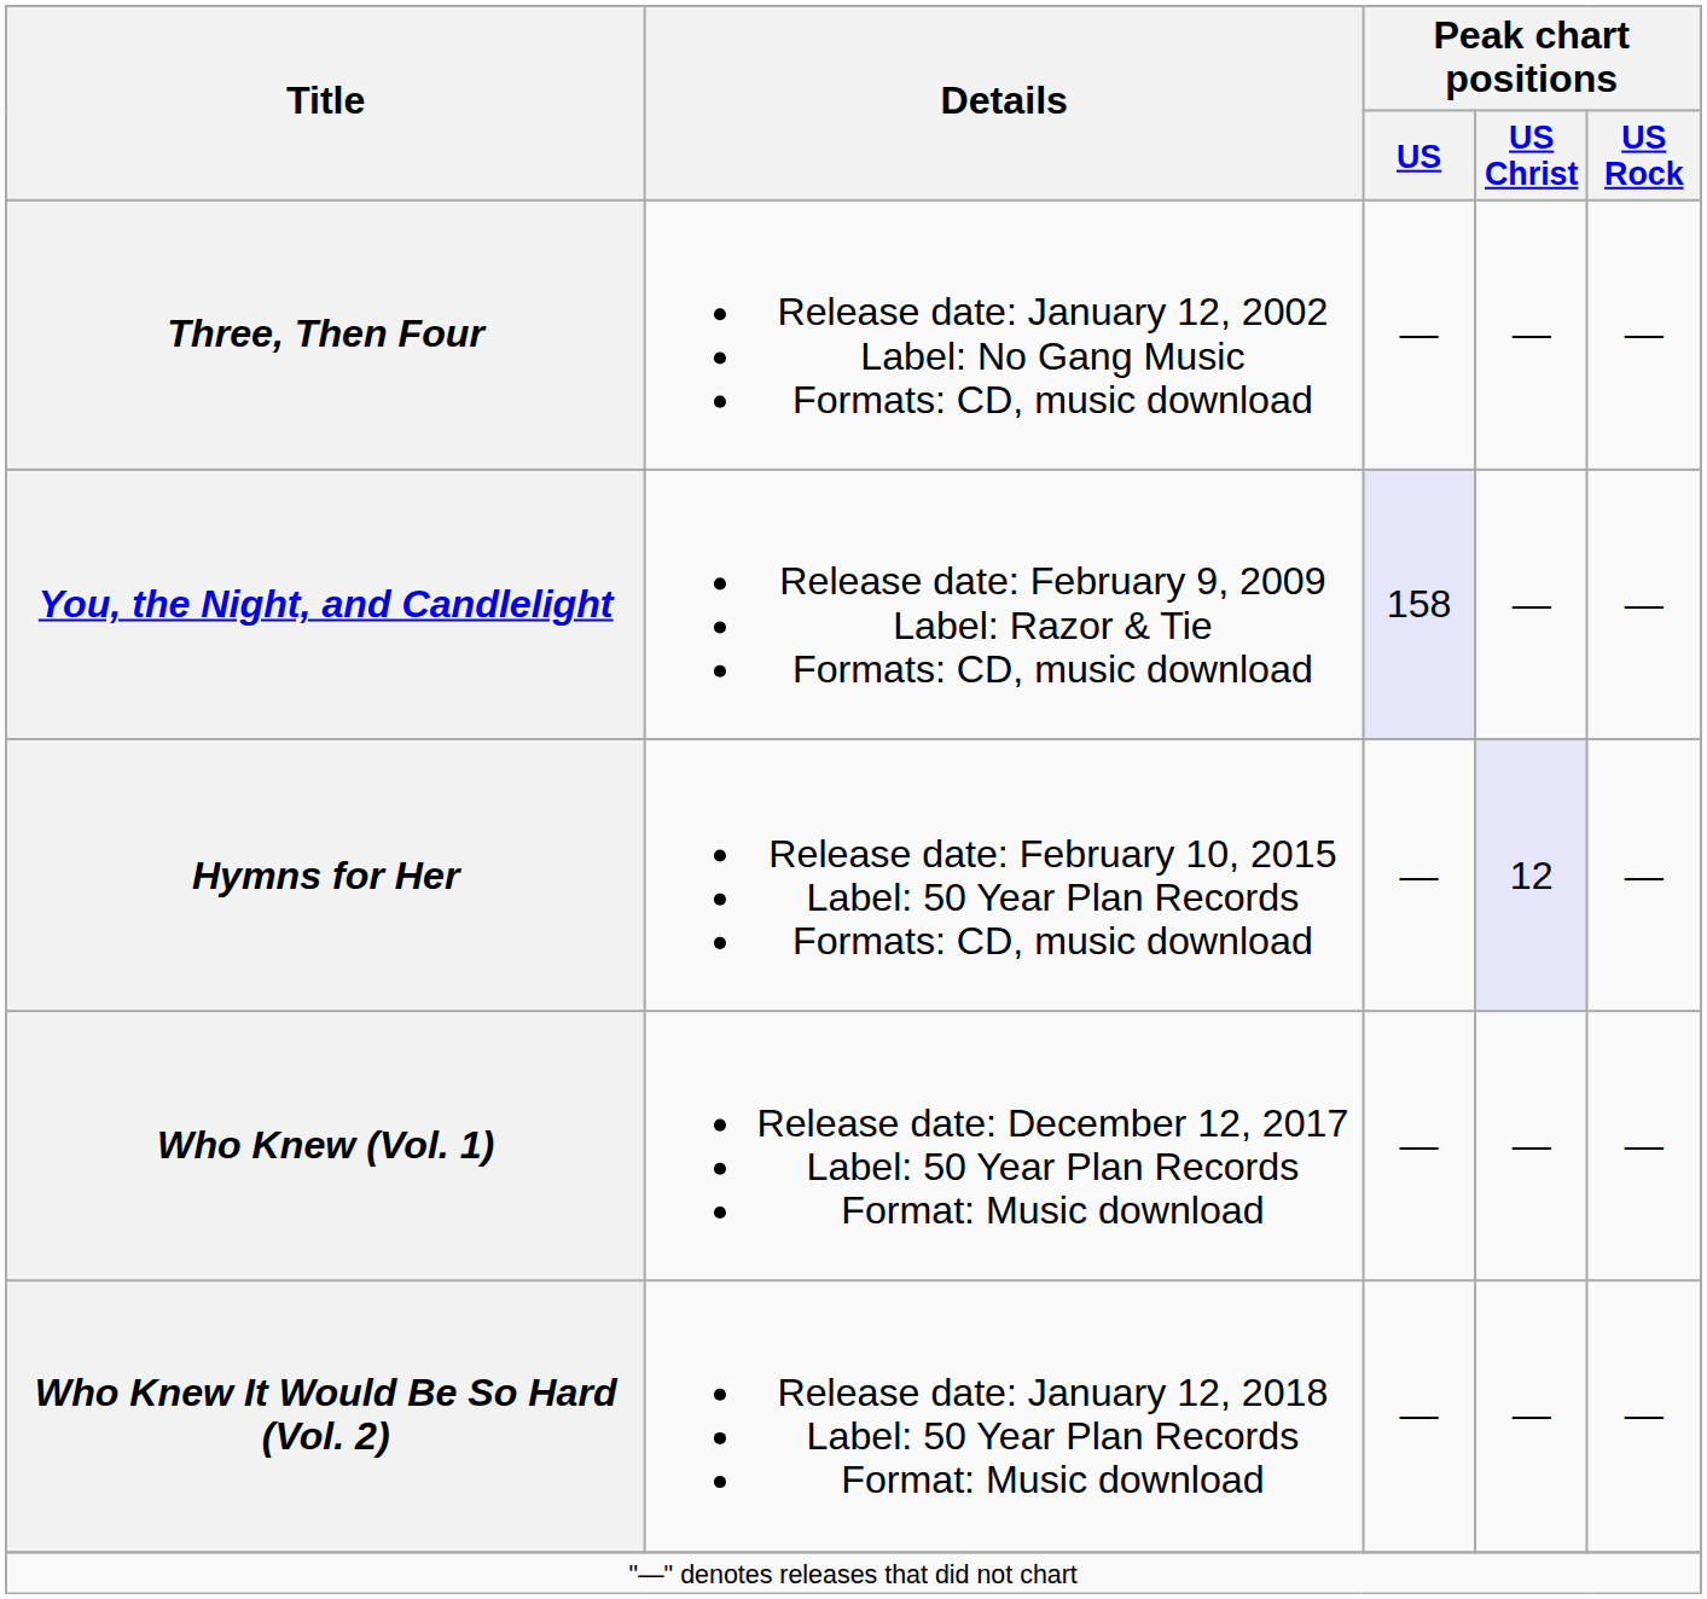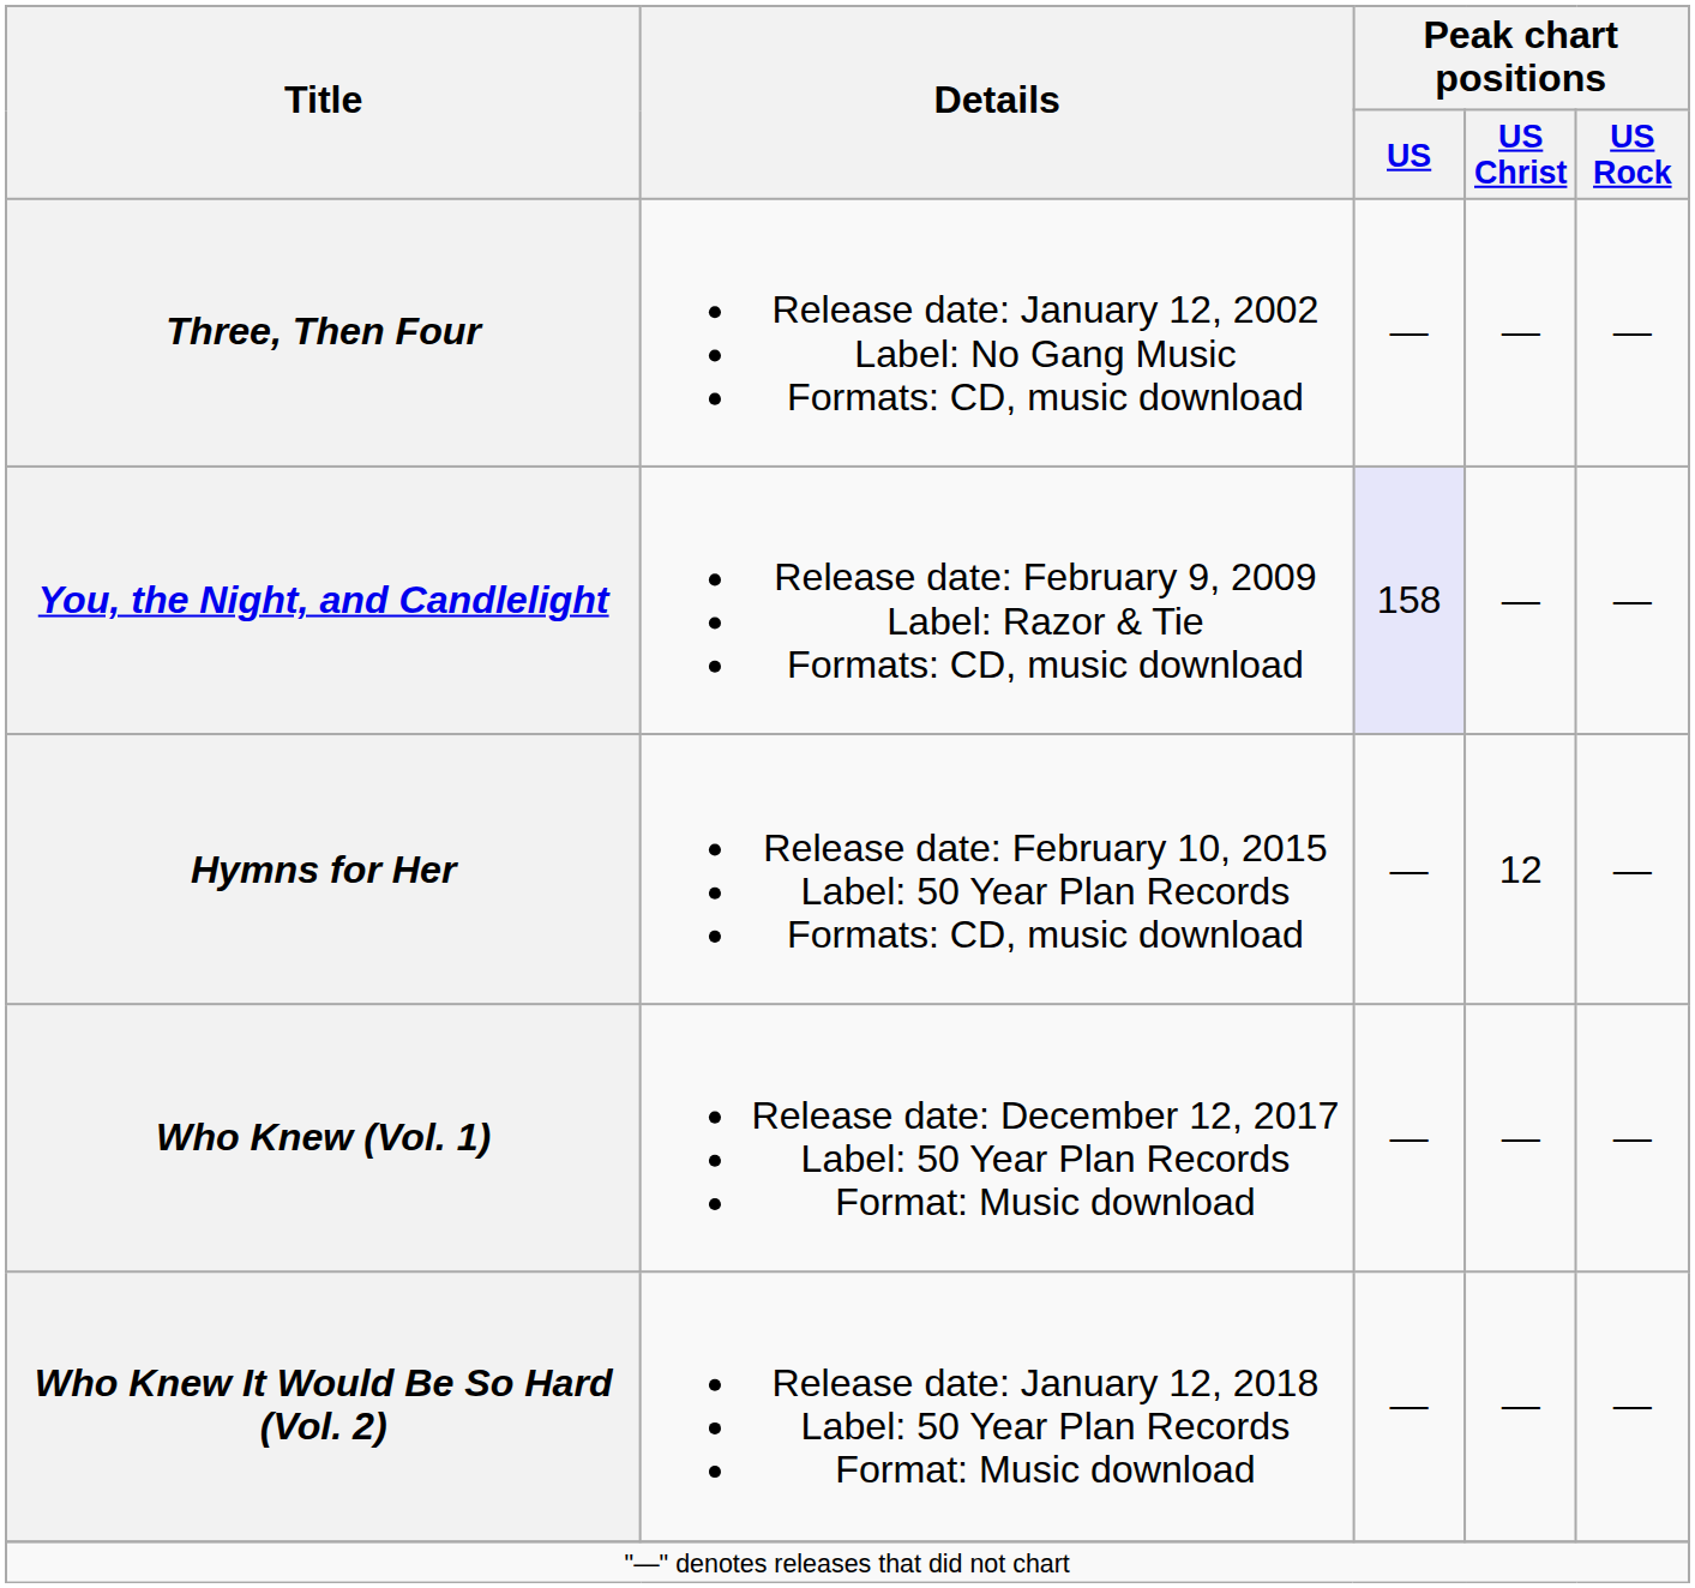 <table class="wikitable plainrowheaders" style="text-align:center;">
 <tr>
 <th rowspan="2" style="width:16em;">Title</th>
 <th rowspan="2" style="width:18em;">Details</th>
 <th colspan="3">Peak chart positions</th>
 </tr>
 <tr style="font-size:smaller;">
 <th style="width:40px;"><a href='#'>US</a><br></th>
 <th style="width:40px;"><a href='#'>US Christ</a><br></th>
 <th style="width:40px;"><a href='#'>US Rock</a><br></th>
 </tr>
 <tr>
 <th scope="row"><em>Three, Then Four</em></th>
 <td><br><ul><li>Release date: January 12, 2002</li><li>Label: No Gang Music</li><li>Formats: CD, music download</li></ul></td>
 <td>—</td>
 <td>—</td>
 <td>—</td>
 </tr>
 <tr>
 <th scope="row"><em><a href='#'>You, the Night, and Candlelight</a></em></th>
 <td><br><ul><li>Release date: February 9, 2009</li><li>Label: Razor & Tie</li><li>Formats: CD, music download</li></ul></td>
 <td style="background: lavender;">158</td>
 <td>—</td>
 <td>—</td>
 </tr>
 <tr>
 <th scope="row"><em>Hymns for Her</em></th>
 <td><br><ul><li>Release date: February 10, 2015</li><li>Label: 50 Year Plan Records</li><li>Formats: CD, music download</li></ul></td>
 <td>—</td>
-<td style="background: lavender;">12</td>
+<td>12</td>
 <td>—</td>
 </tr>
 <tr>
 <th scope="row"><em>Who Knew (Vol. 1)</em></th>
 <td><br><ul><li>Release date: December 12, 2017</li><li>Label: 50 Year Plan Records</li><li>Format: Music download</li></ul></td>
 <td>—</td>
 <td>—</td>
 <td>—</td>
 </tr>
 <tr>
 <th scope="row"><em>Who Knew It Would Be So Hard (Vol. 2)</em></th>
 <td><br><ul><li>Release date: January 12, 2018</li><li>Label: 50 Year Plan Records</li><li>Format: Music download</li></ul></td>
 <td>—</td>
 <td>—</td>
 <td>—</td>
 </tr>
 <tr>
 </tr>
 <tr>
 <td colspan="10" style="font-size:8pt">"—" denotes releases that did not chart</td>
 </tr>
 </table>
